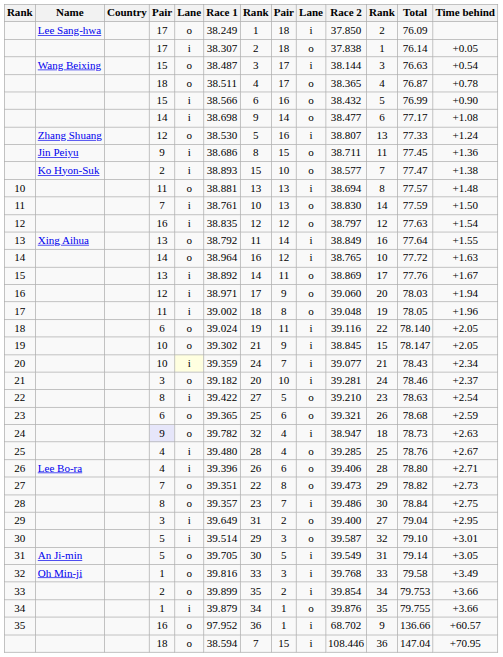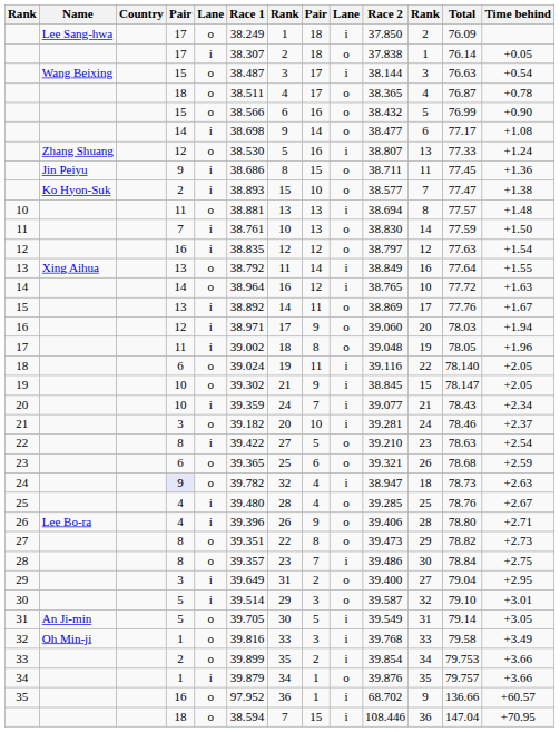 <table class="wikitable sortable" style="text-align:center">
 <tr>
 <th>Rank</th>
 <th>Name</th>
 <th>Country</th>
 <th>Pair</th>
 <th>Lane</th>
 <th>Race 1</th>
 <th>Rank</th>
 <th>Pair</th>
 <th>Lane</th>
 <th>Race 2</th>
 <th>Rank</th>
 <th>Total</th>
 <th>Time behind</th>
 </tr>
 <tr>
 <td></td>
 <td align=left><a href='#'>Lee Sang-hwa</a></td>
 <td align=left></td>
 <td>17</td>
 <td>o</td>
 <td>38.249</td>
 <td>1</td>
 <td>18</td>
 <td>i</td>
 <td>37.850</td>
 <td>2</td>
 <td>76.09</td>
 <td></td>
 </tr>
 <tr>
 <td></td>
 <td align=left></td>
 <td align=left></td>
 <td>17</td>
 <td>i</td>
 <td>38.307</td>
 <td>2</td>
 <td>18</td>
 <td>o</td>
 <td>37.838</td>
 <td>1</td>
 <td>76.14</td>
 <td>+0.05</td>
 </tr>
 <tr>
 <td></td>
 <td align=left><a href='#'>Wang Beixing</a></td>
 <td align=left></td>
 <td>15</td>
 <td>o</td>
 <td>38.487</td>
 <td>3</td>
 <td>17</td>
 <td>i</td>
 <td>38.144</td>
 <td>3</td>
 <td>76.63</td>
 <td>+0.54</td>
 </tr>
 <tr>
 <td></td>
 <td align=left></td>
 <td align=left></td>
 <td>18</td>
 <td>o</td>
 <td>38.511</td>
 <td>4</td>
 <td>17</td>
 <td>o</td>
 <td>38.365</td>
 <td>4</td>
 <td>76.87</td>
 <td>+0.78</td>
 </tr>
 <tr>
 <td></td>
 <td align=left></td>
 <td align=left></td>
 <td>15</td>
-<td>i</td>
+<td>o</td>
 <td>38.566</td>
 <td>6</td>
 <td>16</td>
 <td>o</td>
 <td>38.432</td>
 <td>5</td>
 <td>76.99</td>
 <td>+0.90</td>
 </tr>
 <tr>
 <td></td>
 <td align=left></td>
 <td align=left></td>
 <td>14</td>
 <td>i</td>
 <td>38.698</td>
 <td>9</td>
 <td>14</td>
 <td>o</td>
 <td>38.477</td>
 <td>6</td>
 <td>77.17</td>
 <td>+1.08</td>
 </tr>
 <tr>
 <td></td>
 <td align=left><a href='#'>Zhang Shuang</a></td>
 <td align=left></td>
 <td>12</td>
 <td>o</td>
 <td>38.530</td>
 <td>5</td>
 <td>16</td>
 <td>i</td>
 <td>38.807</td>
 <td>13</td>
 <td>77.33</td>
 <td>+1.24</td>
 </tr>
 <tr>
 <td></td>
 <td align=left><a href='#'>Jin Peiyu</a></td>
 <td align=left></td>
 <td>9</td>
 <td>i</td>
 <td>38.686</td>
 <td>8</td>
 <td>15</td>
 <td>o</td>
 <td>38.711</td>
 <td>11</td>
 <td>77.45</td>
 <td>+1.36</td>
 </tr>
 <tr>
 <td></td>
 <td align=left><a href='#'>Ko Hyon-Suk</a></td>
 <td align=left></td>
 <td>2</td>
 <td>i</td>
 <td>38.893</td>
 <td>15</td>
 <td>10</td>
 <td>o</td>
 <td>38.577</td>
 <td>7</td>
 <td>77.47</td>
 <td>+1.38</td>
 </tr>
 <tr>
 <td>10</td>
 <td align=left></td>
 <td align=left></td>
 <td>11</td>
 <td>o</td>
 <td>38.881</td>
 <td>13</td>
 <td>13</td>
 <td>i</td>
 <td>38.694</td>
 <td>8</td>
 <td>77.57</td>
 <td>+1.48</td>
 </tr>
 <tr>
 <td>11</td>
 <td align=left></td>
 <td align=left></td>
 <td>7</td>
 <td>i</td>
 <td>38.761</td>
 <td>10</td>
 <td>13</td>
 <td>o</td>
 <td>38.830</td>
 <td>14</td>
 <td>77.59</td>
 <td>+1.50</td>
 </tr>
 <tr>
 <td>12</td>
 <td align=left></td>
 <td align=left></td>
 <td>16</td>
 <td>i</td>
 <td>38.835</td>
 <td>12</td>
 <td>12</td>
 <td>o</td>
 <td>38.797</td>
 <td>12</td>
 <td>77.63</td>
 <td>+1.54</td>
 </tr>
 <tr>
 <td>13</td>
 <td align=left><a href='#'>Xing Aihua</a></td>
 <td align=left></td>
 <td>13</td>
 <td>o</td>
 <td>38.792</td>
 <td>11</td>
 <td>14</td>
 <td>i</td>
 <td>38.849</td>
 <td>16</td>
 <td>77.64</td>
 <td>+1.55</td>
 </tr>
 <tr>
 <td>14</td>
 <td align=left></td>
 <td align=left></td>
 <td>14</td>
 <td>o</td>
 <td>38.964</td>
 <td>16</td>
 <td>12</td>
 <td>i</td>
 <td>38.765</td>
 <td>10</td>
 <td>77.72</td>
 <td>+1.63</td>
 </tr>
 <tr>
 <td>15</td>
 <td align=left></td>
 <td align=left></td>
 <td>13</td>
 <td>i</td>
 <td>38.892</td>
 <td>14</td>
 <td>11</td>
 <td>o</td>
 <td>38.869</td>
 <td>17</td>
 <td>77.76</td>
 <td>+1.67</td>
 </tr>
 <tr>
 <td>16</td>
 <td align=left></td>
 <td align=left></td>
 <td>12</td>
 <td>i</td>
 <td>38.971</td>
 <td>17</td>
 <td>9</td>
 <td>o</td>
 <td>39.060</td>
 <td>20</td>
 <td>78.03</td>
 <td>+1.94</td>
 </tr>
 <tr>
 <td>17</td>
 <td align=left></td>
 <td align=left></td>
 <td>11</td>
 <td>i</td>
 <td>39.002</td>
 <td>18</td>
 <td>8</td>
 <td>o</td>
 <td>39.048</td>
 <td>19</td>
 <td>78.05</td>
 <td>+1.96</td>
 </tr>
 <tr>
 <td>18</td>
 <td align=left></td>
 <td align=left></td>
 <td>6</td>
 <td>o</td>
 <td>39.024</td>
 <td>19</td>
 <td>11</td>
 <td>i</td>
 <td>39.116</td>
 <td>22</td>
 <td>78.140</td>
 <td>+2.05</td>
 </tr>
 <tr>
 <td>19</td>
 <td align=left></td>
 <td align=left></td>
 <td>10</td>
 <td>o</td>
 <td>39.302</td>
 <td>21</td>
 <td>9</td>
 <td>i</td>
 <td>38.845</td>
 <td>15</td>
 <td>78.147</td>
 <td>+2.05</td>
 </tr>
 <tr>
 <td>20</td>
 <td align=left></td>
 <td align=left></td>
 <td>10</td>
-<td style="background: lightyellow;">i</td>
+<td>i</td>
 <td>39.359</td>
 <td>24</td>
 <td>7</td>
 <td>i</td>
 <td>39.077</td>
 <td>21</td>
 <td>78.43</td>
 <td>+2.34</td>
 </tr>
 <tr>
 <td>21</td>
 <td align=left></td>
 <td align=left></td>
 <td>3</td>
 <td>o</td>
 <td>39.182</td>
 <td>20</td>
 <td>10</td>
 <td>i</td>
 <td>39.281</td>
 <td>24</td>
 <td>78.46</td>
 <td>+2.37</td>
 </tr>
 <tr>
 <td>22</td>
 <td align=left></td>
 <td align=left></td>
 <td>8</td>
 <td>i</td>
 <td>39.422</td>
 <td>27</td>
 <td>5</td>
 <td>o</td>
 <td>39.210</td>
 <td>23</td>
 <td>78.63</td>
 <td>+2.54</td>
 </tr>
 <tr>
 <td>23</td>
 <td align=left></td>
 <td align=left></td>
 <td>6</td>
 <td>o</td>
 <td>39.365</td>
 <td>25</td>
 <td>6</td>
 <td>o</td>
 <td>39.321</td>
 <td>26</td>
 <td>78.68</td>
 <td>+2.59</td>
 </tr>
 <tr>
 <td>24</td>
 <td align=left></td>
 <td align=left></td>
 <td style="background: lavender;">9</td>
 <td>o</td>
 <td>39.782</td>
 <td>32</td>
 <td>4</td>
 <td>i</td>
 <td>38.947</td>
 <td>18</td>
 <td>78.73</td>
 <td>+2.63</td>
 </tr>
 <tr>
 <td>25</td>
 <td align=left></td>
 <td align=left></td>
 <td>4</td>
 <td>i</td>
 <td>39.480</td>
 <td>28</td>
 <td>4</td>
 <td>o</td>
 <td>39.285</td>
 <td>25</td>
 <td>78.76</td>
 <td>+2.67</td>
 </tr>
 <tr>
 <td>26</td>
 <td align=left><a href='#'>Lee Bo-ra</a></td>
 <td align=left></td>
 <td>4</td>
 <td>i</td>
 <td>39.396</td>
 <td>26</td>
-<td>6</td>
+<td>9</td>
 <td>o</td>
 <td>39.406</td>
 <td>28</td>
 <td>78.80</td>
 <td>+2.71</td>
 </tr>
 <tr>
 <td>27</td>
 <td align=left></td>
 <td align=left></td>
-<td>7</td>
+<td>8</td>
 <td>o</td>
 <td>39.351</td>
 <td>22</td>
 <td>8</td>
 <td>o</td>
 <td>39.473</td>
 <td>29</td>
 <td>78.82</td>
 <td>+2.73</td>
 </tr>
 <tr>
 <td>28</td>
 <td align=left></td>
 <td align=left></td>
 <td>8</td>
 <td>o</td>
 <td>39.357</td>
 <td>23</td>
 <td>7</td>
 <td>i</td>
 <td>39.486</td>
 <td>30</td>
 <td>78.84</td>
 <td>+2.75</td>
 </tr>
 <tr>
 <td>29</td>
 <td align=left></td>
 <td align=left></td>
 <td>3</td>
 <td>i</td>
 <td>39.649</td>
 <td>31</td>
 <td>2</td>
 <td>o</td>
 <td>39.400</td>
 <td>27</td>
 <td>79.04</td>
 <td>+2.95</td>
 </tr>
 <tr>
 <td>30</td>
 <td align=left></td>
 <td align=left></td>
 <td>5</td>
 <td>i</td>
 <td>39.514</td>
 <td>29</td>
 <td>3</td>
 <td>o</td>
 <td>39.587</td>
 <td>32</td>
 <td>79.10</td>
 <td>+3.01</td>
 </tr>
 <tr>
 <td>31</td>
 <td align=left><a href='#'>An Ji-min</a></td>
 <td align=left></td>
 <td>5</td>
 <td>o</td>
 <td>39.705</td>
 <td>30</td>
 <td>5</td>
 <td>i</td>
 <td>39.549</td>
 <td>31</td>
 <td>79.14</td>
 <td>+3.05</td>
 </tr>
 <tr>
 <td>32</td>
 <td align=left><a href='#'>Oh Min-ji</a></td>
 <td align=left></td>
 <td>1</td>
 <td>o</td>
 <td>39.816</td>
 <td>33</td>
 <td>3</td>
 <td>i</td>
 <td>39.768</td>
 <td>33</td>
 <td>79.58</td>
 <td>+3.49</td>
 </tr>
 <tr>
 <td>33</td>
 <td align=left></td>
 <td align=left></td>
 <td>2</td>
 <td>o</td>
 <td>39.899</td>
 <td>35</td>
 <td>2</td>
 <td>i</td>
 <td>39.854</td>
 <td>34</td>
 <td>79.753</td>
 <td>+3.66</td>
 </tr>
 <tr>
 <td>34</td>
 <td align=left></td>
 <td align=left></td>
 <td>1</td>
 <td>i</td>
 <td>39.879</td>
 <td>34</td>
 <td>1</td>
 <td>o</td>
 <td>39.876</td>
 <td>35</td>
-<td>79.755</td>
+<td>79.757</td>
 <td>+3.66</td>
 </tr>
 <tr>
 <td>35</td>
 <td align=left></td>
 <td align=left></td>
 <td>16</td>
 <td>o</td>
 <td>97.952</td>
 <td>36</td>
 <td>1</td>
 <td>i</td>
 <td>68.702</td>
 <td>9</td>
 <td>136.66</td>
 <td>+60.57</td>
 </tr>
 <tr>
 <td></td>
 <td align=left></td>
 <td align=left></td>
 <td>18</td>
 <td>o</td>
 <td>38.594</td>
 <td>7</td>
 <td>15</td>
 <td>i</td>
 <td>108.446</td>
 <td>36</td>
 <td>147.04</td>
 <td>+70.95</td>
 </tr>
 </table>
